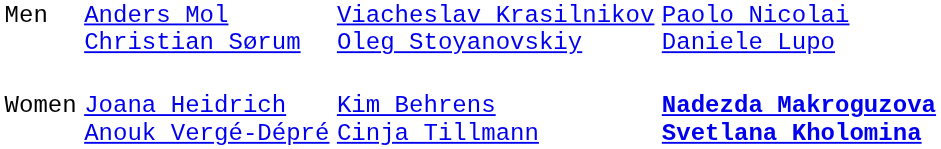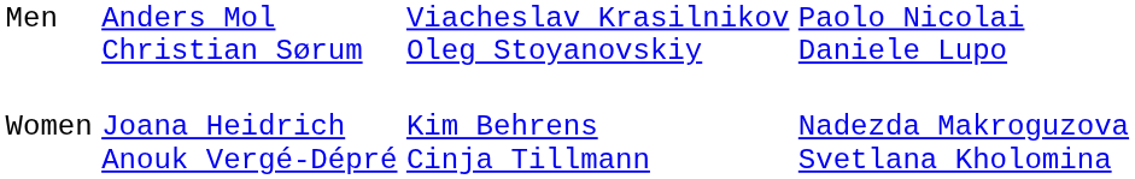 <table>
 <tr>
 <td>Men<br></td>
 <td><br><a href='#'>Anders Mol</a><br><a href='#'>Christian Sørum</a></td>
 <td><br><a href='#'>Viacheslav Krasilnikov</a><br><a href='#'>Oleg Stoyanovskiy</a></td>
 <td><br> <a href='#'>Paolo Nicolai</a><br><a href='#'>Daniele Lupo</a></td>
 </tr>
 <tr>
 <td>Women<br></td>
 <td><br><a href='#'>Joana Heidrich</a><br><a href='#'>Anouk Vergé-Dépré</a></td>
 <td><br><a href='#'>Kim Behrens</a><br><a href='#'>Cinja Tillmann</a></td>
-<td><strong><br><a href='#'>Nadezda Makroguzova</a><br><a href='#'>Svetlana Kholomina</a></strong></td>
+<td><br><a href='#'>Nadezda Makroguzova</a><br><a href='#'>Svetlana Kholomina</a></td>
 </tr>
 </table>
